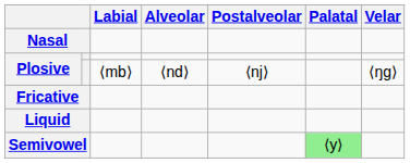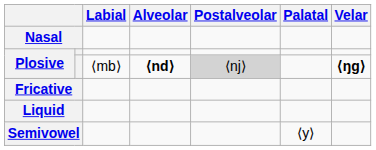 <table class="wikitable" style="text-align:center;">
 <tr>
 <th colspan="2"></th>
 <th><a href='#'>Labial</a></th>
 <th><a href='#'>Alveolar</a></th>
 <th><a href='#'>Postalveolar</a></th>
 <th><a href='#'>Palatal</a></th>
 <th><a href='#'>Velar</a></th>
 </tr>
 <tr>
 <th colspan="2"><a href='#'>Nasal</a></th>
 <td></td>
 <td></td>
 <td></td>
 <td></td>
 <td></td>
 </tr>
 <tr>
 <th rowspan="2"><a href='#'>Plosive</a></th>
 <th></th>
 <td></td>
 <td></td>
 <td></td>
 <td></td>
 <td></td>
 </tr>
 <tr>
 <th></th>
 <td> ⟨mb⟩</td>
-<td> ⟨nd⟩</td>
-<td> ⟨nj⟩</td>
+<td><strong> ⟨nd⟩</strong></td>
+<td style="background: lightgrey;"> ⟨nj⟩</td>
 <td></td>
-<td> ⟨ŋg⟩</td>
+<td><strong> ⟨ŋg⟩</strong></td>
 </tr>
 <tr>
 <th colspan="2"><a href='#'>Fricative</a></th>
 <td></td>
 <td></td>
 <td></td>
 <td></td>
 <td></td>
 </tr>
 <tr>
 <th colspan="2"><a href='#'>Liquid</a></th>
 <td></td>
 <td></td>
 <td></td>
 <td></td>
 <td></td>
 </tr>
 <tr>
 <th colspan="2"><a href='#'>Semivowel</a></th>
 <td></td>
 <td></td>
 <td></td>
-<td style="background: lightgreen;"> ⟨y⟩</td>
+<td> ⟨y⟩</td>
 <td></td>
 </tr>
 </table>
